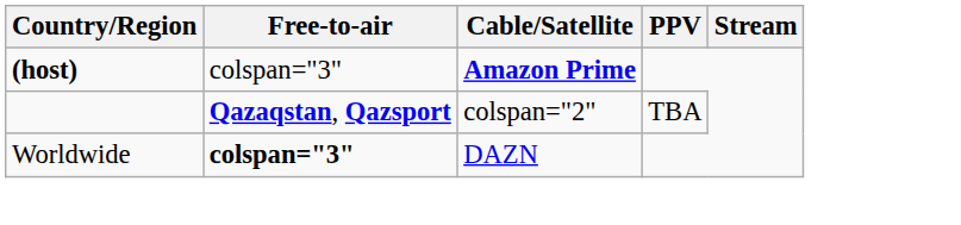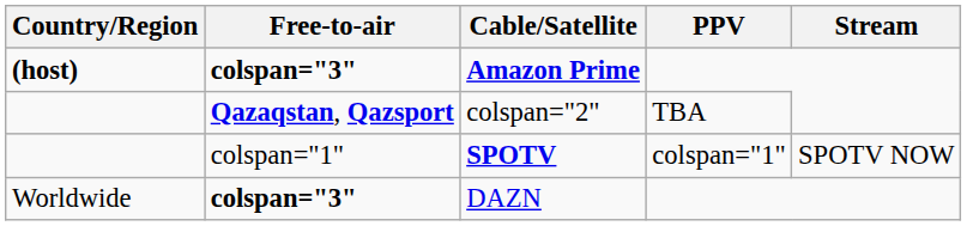 <table class="wikitable">
 <tr>
 <th>Country/Region</th>
 <th>Free-to-air</th>
 <th>Cable/Satellite</th>
 <th>PPV</th>
 <th>Stream</th>
 </tr>
 <tr>
 <td><strong> (host)</strong></td>
-<td>colspan="3" </td>
+<td><strong>colspan="3" </strong></td>
 <td><strong><a href='#'>Amazon Prime</a></strong></td>
 </tr>
 <tr>
 <td><strong></strong></td>
 <td><strong><a href='#'>Qazaqstan</a></strong>, <strong><a href='#'>Qazsport</a></strong></td>
 <td>colspan="2" </td>
 <td>TBA</td>
 </tr>
 <tr>
+<td><strong></strong></td>
+<td>colspan="1" </td>
+<td><strong><a href='#'>SPOTV</a></strong></td>
+<td>colspan="1" </td>
+<td>SPOTV NOW</td>
+</tr>
+<tr>
 <td>Worldwide</td>
 <td><strong>colspan="3" </strong></td>
 <td><a href='#'>DAZN</a></td>
 </tr>
 </table>
